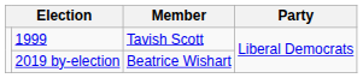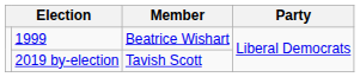 <table class="wikitable">
 <tr>
 <th colspan="2">Election</th>
 <th>Member</th>
 <th>Party</th>
 </tr>
 <tr>
 <td rowspan=2 style="background-color: "></td>
 <td><a href='#'>1999</a></td>
-<td><a href='#'>Tavish Scott</a></td>
+<td><a href='#'>Beatrice Wishart</a></td>
 <td rowspan=2><a href='#'>Liberal Democrats</a></td>
 </tr>
 <tr>
 <td><a href='#'>2019 by-election</a></td>
-<td><a href='#'>Beatrice Wishart</a></td>
+<td><a href='#'>Tavish Scott</a></td>
 </tr>
 </table>
